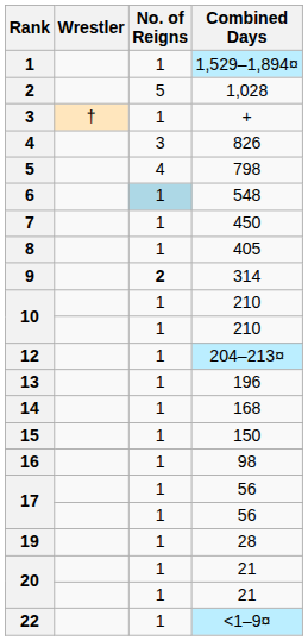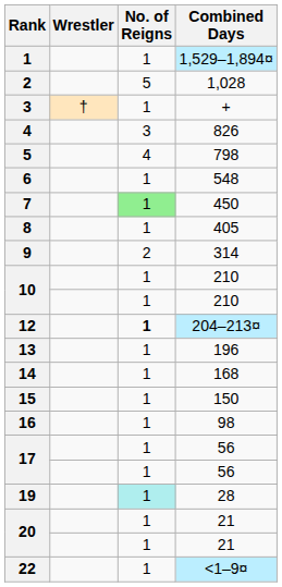 <table class="wikitable sortable" style="text-align: center">
 <tr>
 <th>Rank</th>
 <th>Wrestler</th>
 <th>No. of<br>Reigns</th>
 <th>Combined<br>Days</th>
 </tr>
 <tr>
 <th>1</th>
 <td></td>
 <td>1</td>
 <td style="background-color:#bbeeff">1,529–1,894¤</td>
 </tr>
 <tr>
 <th>2</th>
 <td></td>
 <td>5</td>
 <td>1,028</td>
 </tr>
 <tr>
 <th>3</th>
 <td style="background-color: #ffe6bd"> †</td>
 <td>1</td>
 <td>+</td>
 </tr>
 <tr>
 <th>4</th>
 <td></td>
 <td>3</td>
 <td>826</td>
 </tr>
 <tr>
 <th>5</th>
 <td></td>
 <td>4</td>
 <td>798</td>
 </tr>
 <tr>
 <th>6</th>
 <td></td>
-<td style="background: lightblue;">1</td>
+<td>1</td>
 <td>548</td>
 </tr>
 <tr>
 <th>7</th>
 <td></td>
-<td>1</td>
+<td style="background: lightgreen;">1</td>
 <td>450</td>
 </tr>
 <tr>
 <th>8</th>
 <td></td>
 <td>1</td>
 <td>405</td>
 </tr>
 <tr>
 <th>9</th>
 <td></td>
-<td><strong>2</strong></td>
+<td>2</td>
 <td>314</td>
 </tr>
 <tr>
 <th rowspan=2>10</th>
 <td></td>
 <td>1</td>
 <td>210</td>
 </tr>
 <tr>
 <td></td>
 <td>1</td>
 <td>210</td>
 </tr>
 <tr>
 <th>12</th>
 <td></td>
-<td>1</td>
+<td><strong>1</strong></td>
 <td style="background-color:#bbeeff">204–213¤</td>
 </tr>
 <tr>
 <th>13</th>
 <td></td>
 <td>1</td>
 <td>196</td>
 </tr>
 <tr>
 <th>14</th>
 <td></td>
 <td>1</td>
 <td>168</td>
 </tr>
 <tr>
 <th>15</th>
 <td></td>
 <td>1</td>
 <td>150</td>
 </tr>
 <tr>
 <th>16</th>
 <td></td>
 <td>1</td>
 <td>98</td>
 </tr>
 <tr>
 <th rowspan=2>17</th>
 <td></td>
 <td>1</td>
 <td>56</td>
 </tr>
 <tr>
 <td></td>
 <td>1</td>
 <td>56</td>
 </tr>
 <tr>
 <th>19</th>
 <td></td>
-<td>1</td>
+<td style="background: paleturquoise;">1</td>
 <td>28</td>
 </tr>
 <tr>
 <th rowspan=2>20</th>
 <td></td>
 <td>1</td>
 <td>21</td>
 </tr>
 <tr>
 <td></td>
 <td>1</td>
 <td>21</td>
 </tr>
 <tr>
 <th>22</th>
 <td></td>
 <td>1</td>
 <td style="background-color:#bbeeff"><1–9¤</td>
 </tr>
 </table>
